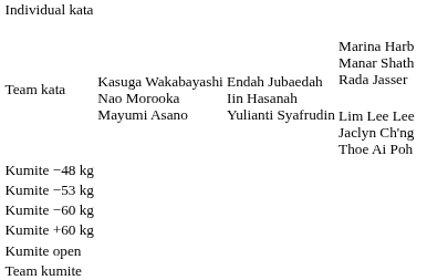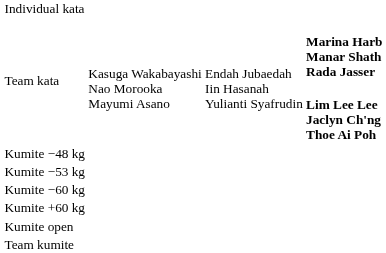 <table>
 <tr>
 <td rowspan=2>Individual kata</td>
 <td rowspan=2></td>
 <td rowspan=2></td>
 <td></td>
 </tr>
 <tr>
 <td></td>
 </tr>
 <tr>
 <td rowspan=2>Team kata</td>
 <td rowspan=2><br>Kasuga Wakabayashi<br>Nao Morooka<br>Mayumi Asano</td>
 <td rowspan=2><br>Endah Jubaedah<br>Iin Hasanah<br>Yulianti Syafrudin</td>
-<td><br>Marina Harb<br>Manar Shath<br>Rada Jasser</td>
+<td><strong><br>Marina Harb<br>Manar Shath<br>Rada Jasser</strong></td>
 </tr>
 <tr>
-<td><br>Lim Lee Lee<br>Jaclyn Ch'ng<br>Thoe Ai Poh</td>
+<td><strong><br>Lim Lee Lee<br>Jaclyn Ch'ng<br>Thoe Ai Poh</strong></td>
 </tr>
 <tr>
 <td rowspan=2>Kumite −48 kg</td>
 <td rowspan=2></td>
 <td rowspan=2></td>
 <td></td>
 </tr>
 <tr>
 <td></td>
 </tr>
 <tr>
 <td rowspan=2>Kumite −53 kg</td>
 <td rowspan=2></td>
 <td rowspan=2></td>
 <td></td>
 </tr>
 <tr>
 <td></td>
 </tr>
 <tr>
 <td rowspan=2>Kumite −60 kg</td>
 <td rowspan=2></td>
 <td rowspan=2></td>
 <td></td>
 </tr>
 <tr>
 <td></td>
 </tr>
 <tr>
 <td rowspan=2>Kumite +60 kg</td>
 <td rowspan=2></td>
 <td rowspan=2></td>
 <td></td>
 </tr>
 <tr>
 <td></td>
 </tr>
 <tr>
 <td rowspan=2>Kumite open</td>
 <td rowspan=2></td>
 <td rowspan=2></td>
 <td></td>
 </tr>
 <tr>
 <td></td>
 </tr>
 <tr>
 <td rowspan=2>Team kumite</td>
 <td rowspan=2></td>
 <td rowspan=2></td>
 <td></td>
 </tr>
 <tr>
 <td></td>
 </tr>
 </table>
